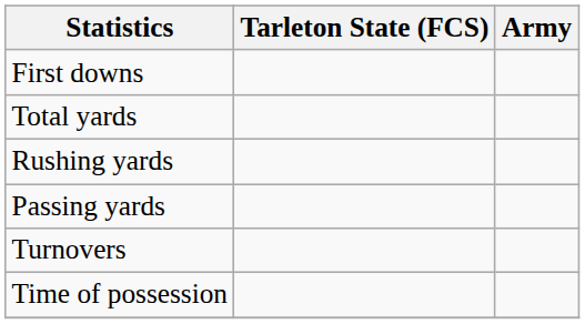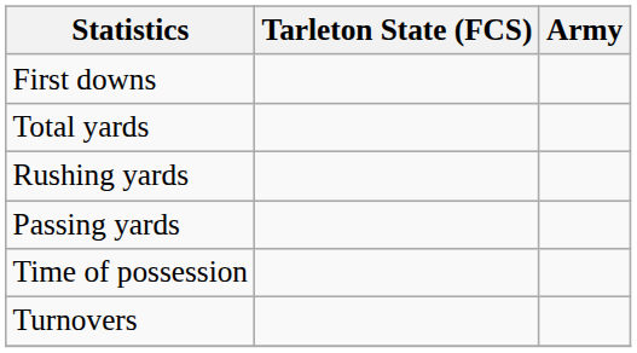 <table class="wikitable" style="float: left;">
 <tr>
 <th>Statistics</th>
 <th>Tarleton State (FCS)</th>
 <th>Army</th>
 </tr>
 <tr>
 <td>First downs</td>
 <td></td>
 <td></td>
 </tr>
 <tr>
 <td>Total yards</td>
 <td></td>
 <td></td>
 </tr>
 <tr>
 <td>Rushing yards</td>
 <td></td>
 <td></td>
 </tr>
 <tr>
 <td>Passing yards</td>
 <td></td>
 <td></td>
 </tr>
 <tr>
-<td>Turnovers</td>
+<td>Time of possession</td>
 <td></td>
 <td></td>
 </tr>
 <tr>
-<td>Time of possession</td>
+<td>Turnovers</td>
 <td></td>
 <td></td>
 </tr>
 <tr>
 </tr>
 </table>
